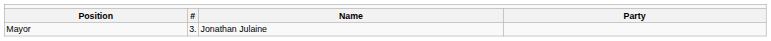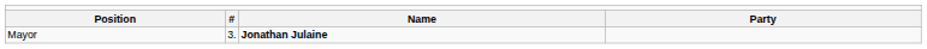 <table class=wikitable style="font-size:90%">
 <tr>
 <td colspan="5"></td>
 </tr>
 <tr>
 <th width=24%>Position</th>
 <th width=1%>#</th>
 <th width=40%>Name</th>
 <th colspan=2>Party</th>
 </tr>
 <tr>
 <td>Mayor</td>
 <td>3.</td>
-<td>Jonathan Julaine</td>
+<td><strong>Jonathan Julaine</strong></td>
 <td></td>
 </tr>
 </table>
